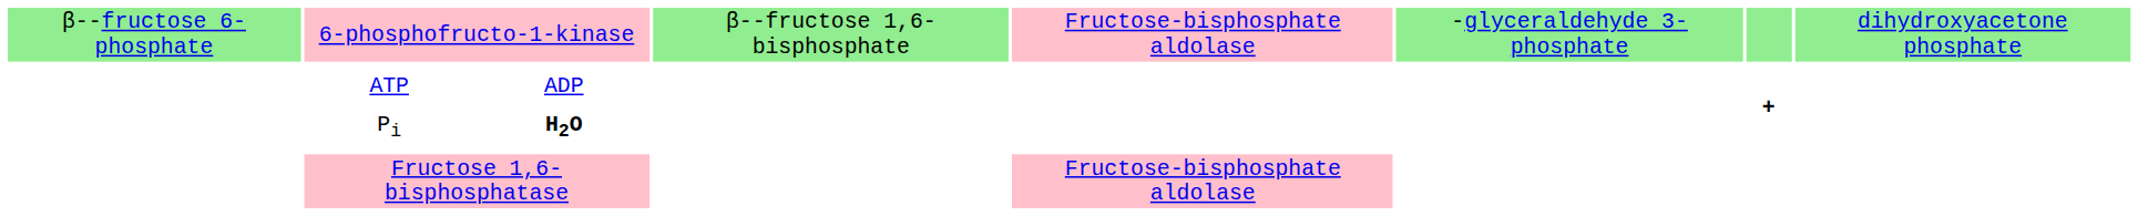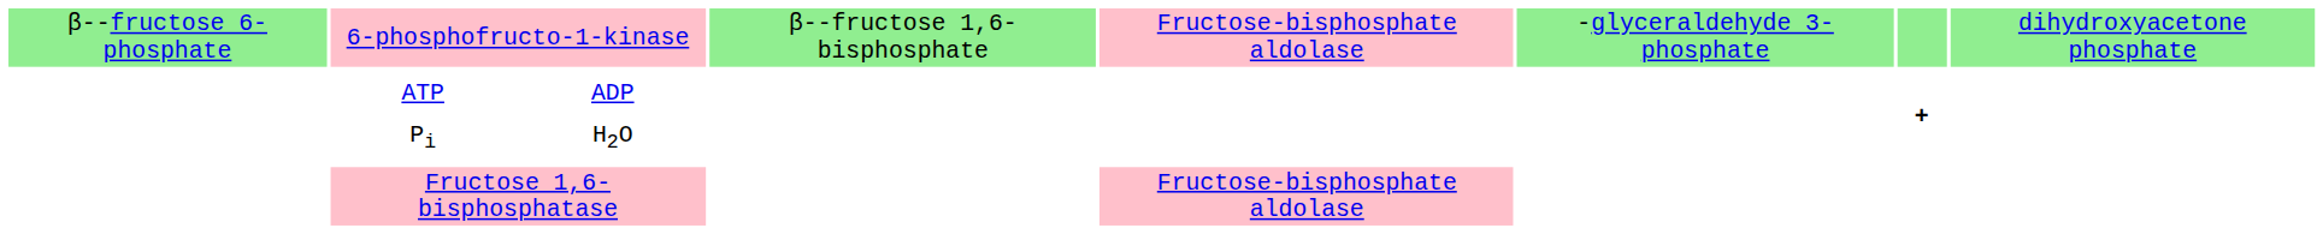 <table style="background:white; text-align:center;">
 <tr>
 <td style="background:lightgreen">β--<a href='#'>fructose 6-phosphate</a></td>
 <td colspan="2" style="background:pink"><a href='#'>6-phosphofructo-1-kinase</a></td>
 <td style="background:lightgreen">β--fructose 1,6-bisphosphate</td>
 <td colspan="2" style="background:pink"><a href='#'>Fructose-bisphosphate aldolase</a></td>
 <td style="background:lightgreen">-<a href='#'>glyceraldehyde 3-phosphate</a></td>
 <td style="background:lightgreen"></td>
 <td style="background:lightgreen"><a href='#'>dihydroxyacetone phosphate</a></td>
 </tr>
 <tr>
 <td rowspan="5"></td>
 <td colspan="2"></td>
 <td rowspan="5"></td>
 <td colspan="2"></td>
 <td rowspan="5"></td>
 <td rowspan="5" width="25"><span><strong>+</strong></span></td>
 <td rowspan="5"></td>
 </tr>
 <tr>
 <td><a href='#'>ATP</a></td>
 <td><a href='#'>ADP</a></td>
 <td></td>
 <td></td>
 </tr>
 <tr>
 <td colspan="2"></td>
 <td colspan="2"></td>
 </tr>
 <tr>
 <td>P<sub>i</sub></td>
-<td><strong>H<sub>2</sub>O</strong></td>
+<td>H<sub>2</sub>O</td>
 <td></td>
 <td></td>
 </tr>
 <tr>
 <td colspan="2"></td>
 <td colspan="2"></td>
 </tr>
 <tr>
 <td align="left"></td>
 <td colspan="2" style="background:pink"><a href='#'>Fructose 1,6-bisphosphatase</a></td>
 <td align="right"></td>
 <td colspan="2" style="background:pink"><a href='#'>Fructose-bisphosphate aldolase</a></td>
 <td></td>
 <td></td>
 <td></td>
 </tr>
 </table>
